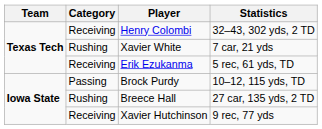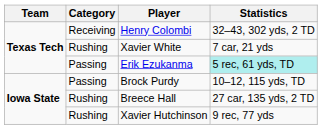 <table class="wikitable" style="float: right;">
 <tr>
 <th>Team</th>
 <th>Category</th>
 <th>Player</th>
 <th>Statistics</th>
 </tr>
 <tr>
 <td rowspan=3><strong>Texas Tech</strong></td>
 <td>Receiving</td>
 <td><a href='#'>Henry Colombi</a></td>
 <td>32–43, 302 yds, 2 TD</td>
 </tr>
 <tr>
 <td>Rushing</td>
 <td>Xavier White</td>
 <td>7 car, 21 yds</td>
 </tr>
 <tr>
-<td>Receiving</td>
+<td>Passing</td>
 <td><a href='#'>Erik Ezukanma</a></td>
-<td>5 rec, 61 yds, TD</td>
+<td style="background: paleturquoise;">5 rec, 61 yds, TD</td>
 </tr>
 <tr>
 <td rowspan=3><strong>Iowa State</strong></td>
 <td>Passing</td>
 <td>Brock Purdy</td>
 <td>10–12, 115 yds, TD</td>
 </tr>
 <tr>
 <td>Rushing</td>
 <td>Breece Hall</td>
 <td>27 car, 135 yds, 2 TD</td>
 </tr>
 <tr>
-<td>Receiving</td>
+<td>Rushing</td>
 <td>Xavier Hutchinson</td>
 <td>9 rec, 77 yds</td>
 </tr>
 </table>
